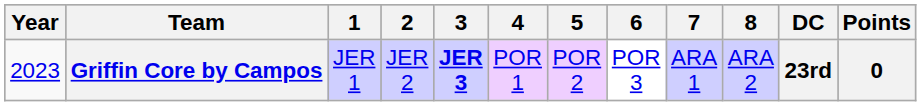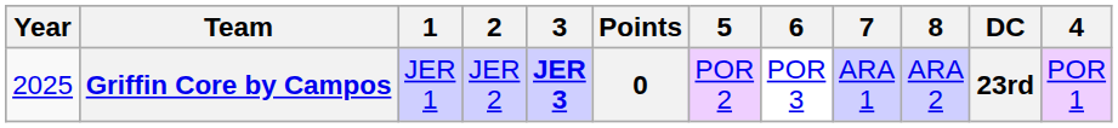 <table class="wikitable" style="text-align:center; font-size:85%">
 <tr>
 <th>Year</th>
 <th>Team</th>
 <th>1</th>
 <th>2</th>
 <th>3</th>
-<th>4</th>
+<th>Points</th>
 <th>5</th>
 <th>6</th>
 <th>7</th>
 <th>8</th>
 <th>DC</th>
-<th>Points</th>
+<th>4</th>
 </tr>
 <tr>
-<td><a href='#'>2023</a></td>
+<td><a href='#'>2025</a></td>
 <th><a href='#'>Griffin Core by Campos</a></th>
 <td style="background:#CFCFFF"><a href='#'>JER<br>1</a><br></td>
 <td style="background:#CFCFFF"><a href='#'>JER<br>2</a><br></td>
 <td style="background:#CFCFFF"><strong><a href='#'>JER<br>3</a><br></strong></td>
-<td style="background:#EFCFFF"><a href='#'>POR<br>1</a><br></td>
+<th>0</th>
 <td style="background:#EFCFFF"><a href='#'>POR<br>2</a><br></td>
 <td style="background:#FFFFFF"><a href='#'>POR<br>3</a><br></td>
 <td style="background:#CFCFFF"><a href='#'>ARA<br>1</a><br></td>
 <td style="background:#CFCFFF"><a href='#'>ARA<br>2</a><br></td>
 <th>23rd</th>
-<th>0</th>
+<td style="background:#EFCFFF"><a href='#'>POR<br>1</a><br></td>
 </tr>
 </table>
